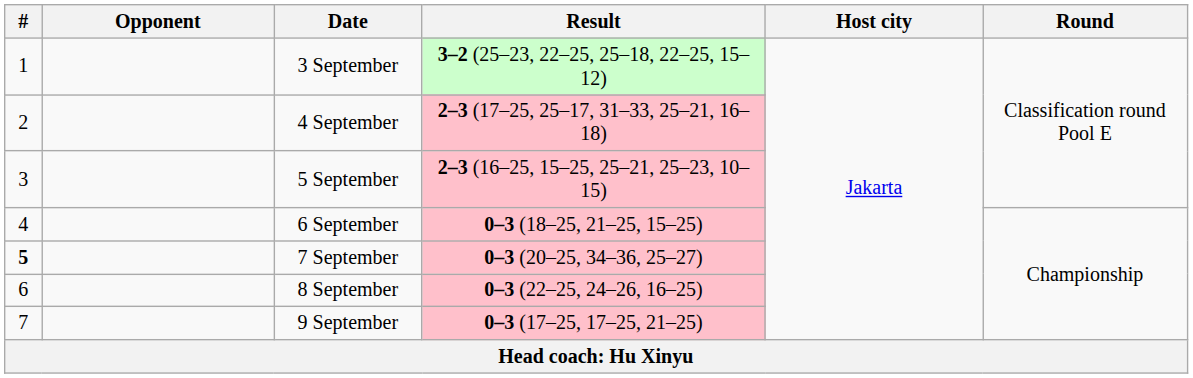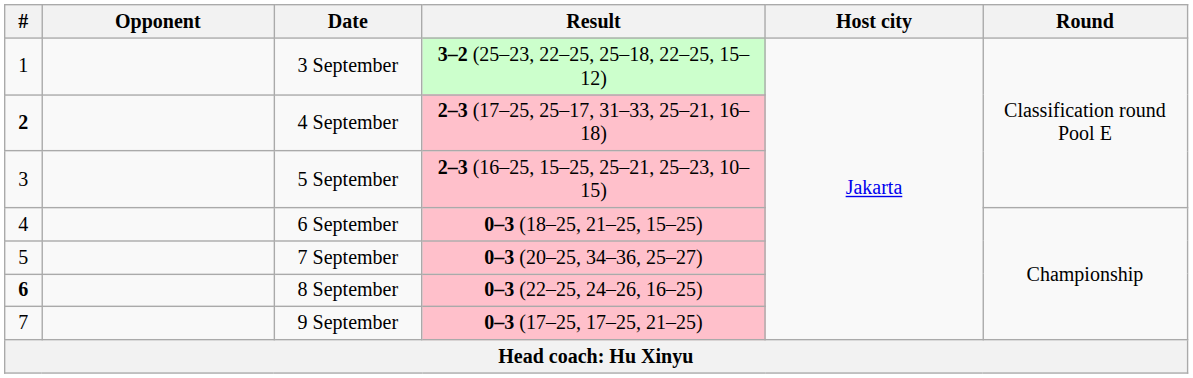 <table class="wikitable" style="text-align: center;font-size:90%;">
 <tr>
 <th width=20>#</th>
 <th width=160>Opponent</th>
 <th width=100>Date</th>
 <th width=240>Result</th>
 <th width=150>Host city</th>
 <th width=140>Round</th>
 </tr>
 <tr>
 <td>1</td>
 <td align=left></td>
 <td>3 September</td>
 <td bgcolor=ccffcc><strong>3–2</strong> (25–23, 22–25, 25–18, 22–25, 15–12)</td>
 <td rowspan=7> <a href='#'>Jakarta</a></td>
 <td rowspan=3>Classification round<br> Pool E</td>
 </tr>
 <tr>
-<td>2</td>
+<td><strong>2</strong></td>
 <td align=left></td>
 <td>4 September</td>
 <td bgcolor=pink><strong>2–3</strong> (17–25, 25–17, 31–33, 25–21, 16–18)</td>
 </tr>
 <tr>
 <td>3</td>
 <td align=left></td>
 <td>5 September</td>
 <td bgcolor=pink><strong>2–3</strong> (16–25, 15–25, 25–21, 25–23, 10–15)</td>
 </tr>
 <tr>
 <td>4</td>
 <td align=left></td>
 <td>6 September</td>
 <td bgcolor=pink><strong>0–3</strong> (18–25, 21–25, 15–25)</td>
 <td rowspan=4>Championship</td>
 </tr>
 <tr>
-<td><strong>5</strong></td>
+<td>5</td>
 <td align=left></td>
 <td>7 September</td>
 <td bgcolor=pink><strong>0–3</strong> (20–25, 34–36, 25–27)</td>
 </tr>
 <tr>
-<td>6</td>
+<td><strong>6</strong></td>
 <td align=left></td>
 <td>8 September</td>
 <td bgcolor=pink><strong>0–3</strong> (22–25, 24–26, 16–25)</td>
 </tr>
 <tr>
 <td>7</td>
 <td align=left></td>
 <td>9 September</td>
 <td bgcolor=pink><strong>0–3</strong> (17–25, 17–25, 21–25)</td>
 </tr>
 <tr>
 <th colspan=6>Head coach:  Hu Xinyu</th>
 </tr>
 </table>
